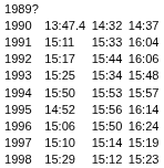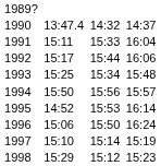 <table>
 <tr>
 <td>1989?</td>
 <td></td>
 <td></td>
 <td></td>
 <td></td>
 <td></td>
 <td></td>
 </tr>
 <tr>
 <td>1990</td>
 <td></td>
 <td>13:47.4</td>
 <td></td>
 <td>14:32</td>
 <td></td>
 <td>14:37</td>
 </tr>
 <tr>
 <td>1991</td>
 <td></td>
 <td>15:11</td>
 <td></td>
 <td>15:33</td>
 <td></td>
 <td>16:04</td>
 </tr>
 <tr>
 <td>1992</td>
 <td></td>
 <td>15:17</td>
 <td></td>
 <td>15:44</td>
 <td></td>
 <td>16:06</td>
 </tr>
 <tr>
 <td>1993</td>
 <td></td>
 <td>15:25</td>
 <td></td>
 <td>15:34</td>
 <td></td>
 <td>15:48</td>
 </tr>
 <tr>
 <td>1994</td>
 <td></td>
 <td>15:50</td>
 <td></td>
-<td>15:53</td>
+<td>15:56</td>
 <td></td>
 <td>15:57</td>
 </tr>
 <tr>
 <td>1995</td>
 <td></td>
 <td>14:52</td>
 <td></td>
-<td>15:56</td>
+<td>15:53</td>
 <td></td>
 <td>16:14</td>
 </tr>
 <tr>
 <td>1996</td>
 <td></td>
 <td>15:06</td>
 <td></td>
 <td>15:50</td>
 <td></td>
 <td>16:24</td>
 </tr>
 <tr>
 <td>1997</td>
 <td></td>
 <td>15:10</td>
 <td></td>
 <td>15:14</td>
 <td></td>
 <td>15:19</td>
 </tr>
 <tr>
 <td>1998</td>
 <td></td>
 <td>15:29</td>
 <td></td>
 <td>15:12</td>
 <td></td>
 <td>15:23</td>
 </tr>
 </table>
